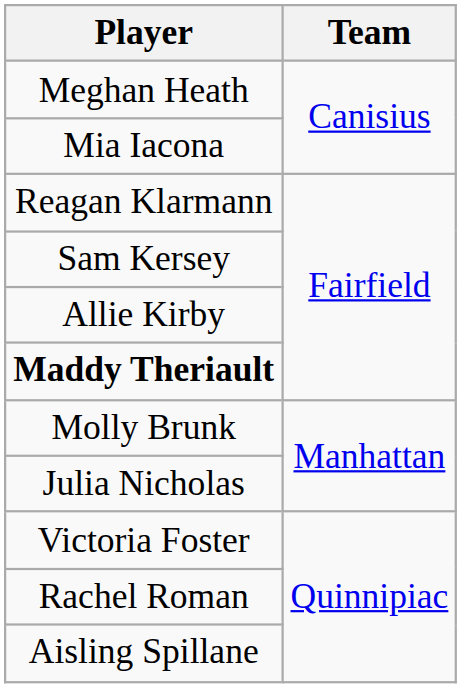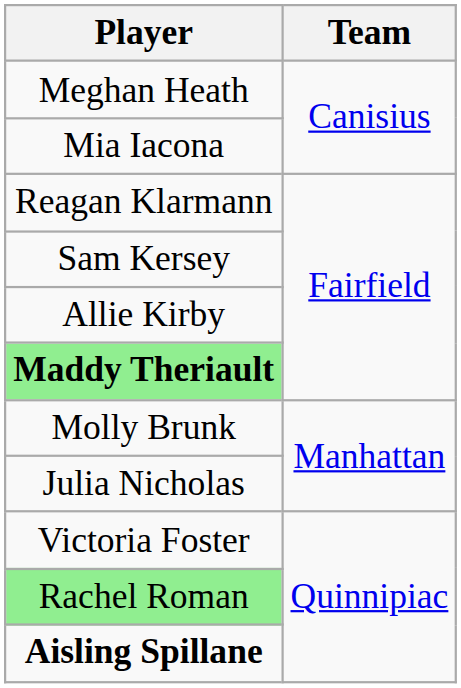 <table class="wikitable" style="text-align: center;">
 <tr>
 <th>Player</th>
 <th>Team</th>
 </tr>
 <tr>
 <td>Meghan Heath</td>
 <td rowspan=2><a href='#'>Canisius</a></td>
 </tr>
 <tr>
 <td>Mia Iacona</td>
 </tr>
 <tr>
 <td>Reagan Klarmann</td>
 <td rowspan=4><a href='#'>Fairfield</a></td>
 </tr>
 <tr>
 <td>Sam Kersey</td>
 </tr>
 <tr>
 <td>Allie Kirby</td>
 </tr>
 <tr>
-<td><strong>Maddy Theriault</strong></td>
+<td style="background: lightgreen;"><strong>Maddy Theriault</strong></td>
 </tr>
 <tr>
 <td>Molly Brunk</td>
 <td rowspan=2><a href='#'>Manhattan</a></td>
 </tr>
 <tr>
 <td>Julia Nicholas</td>
 </tr>
 <tr>
 <td>Victoria Foster</td>
 <td rowspan=3><a href='#'>Quinnipiac</a></td>
 </tr>
 <tr>
-<td>Rachel Roman</td>
+<td style="background: lightgreen;">Rachel Roman</td>
 </tr>
 <tr>
-<td>Aisling Spillane</td>
+<td><strong>Aisling Spillane</strong></td>
 </tr>
 </table>
